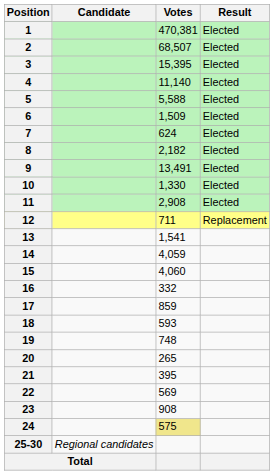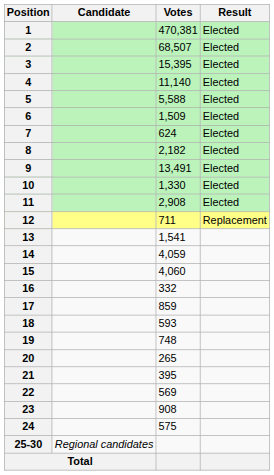 <table class="wikitable sortable col3right">
 <tr>
 <th scope="col">Position</th>
 <th scope="col">Candidate</th>
 <th scope="col">Votes</th>
 <th scope="col">Result</th>
 </tr>
 <tr bgcolor=bbf3bb>
 <th scope="row">1</th>
 <td></td>
 <td>470,381</td>
 <td>Elected</td>
 </tr>
 <tr bgcolor=bbf3bb>
 <th scope="row">2</th>
 <td></td>
 <td>68,507</td>
 <td>Elected</td>
 </tr>
 <tr bgcolor=bbf3bb>
 <th scope="row">3</th>
 <td></td>
 <td>15,395</td>
 <td>Elected</td>
 </tr>
 <tr bgcolor=bbf3bb>
 <th scope="row">4</th>
 <td></td>
 <td>11,140</td>
 <td>Elected</td>
 </tr>
 <tr bgcolor=bbf3bb>
 <th scope="row">5</th>
 <td></td>
 <td>5,588</td>
 <td>Elected</td>
 </tr>
 <tr bgcolor=bbf3bb>
 <th scope="row">6</th>
 <td></td>
 <td>1,509</td>
 <td>Elected</td>
 </tr>
 <tr bgcolor=bbf3bb>
 <th scope="row">7</th>
 <td></td>
 <td>624</td>
 <td>Elected</td>
 </tr>
 <tr bgcolor=bbf3bb>
 <th scope="row">8</th>
 <td></td>
 <td>2,182</td>
 <td>Elected</td>
 </tr>
 <tr bgcolor=bbf3bb>
 <th scope="row">9</th>
 <td></td>
 <td>13,491</td>
 <td>Elected</td>
 </tr>
 <tr bgcolor=bbf3bb>
 <th scope="row">10</th>
 <td></td>
 <td>1,330</td>
 <td>Elected</td>
 </tr>
 <tr bgcolor=bbf3bb>
 <th scope="row">11</th>
 <td></td>
 <td>2,908</td>
 <td>Elected</td>
 </tr>
 <tr bgcolor=#FF8>
 <th scope="row">12</th>
 <td></td>
 <td>711</td>
 <td>Replacement</td>
 </tr>
 <tr>
 <th scope="row">13</th>
 <td></td>
 <td>1,541</td>
 <td></td>
 </tr>
 <tr>
 <th scope="row">14</th>
 <td></td>
 <td>4,059</td>
 <td></td>
 </tr>
 <tr>
 <th scope="row">15</th>
 <td></td>
 <td>4,060</td>
 <td></td>
 </tr>
 <tr>
 <th scope="row">16</th>
 <td></td>
 <td>332</td>
 <td></td>
 </tr>
 <tr>
 <th scope="row">17</th>
 <td></td>
 <td>859</td>
 <td></td>
 </tr>
 <tr>
 <th scope="row">18</th>
 <td></td>
 <td>593</td>
 <td></td>
 </tr>
 <tr>
 <th scope="row">19</th>
 <td></td>
 <td>748</td>
 <td></td>
 </tr>
 <tr>
 <th scope="row">20</th>
 <td></td>
 <td>265</td>
 <td></td>
 </tr>
 <tr>
 <th scope="row">21</th>
 <td></td>
 <td>395</td>
 <td></td>
 </tr>
 <tr>
 <th scope="row">22</th>
 <td></td>
 <td>569</td>
 <td></td>
 </tr>
 <tr>
 <th scope="row">23</th>
 <td></td>
 <td>908</td>
 <td></td>
 </tr>
 <tr>
 <th scope="row">24</th>
 <td></td>
-<td style="background: khaki;">575</td>
+<td>575</td>
 <td></td>
 </tr>
 <tr>
 <th scope="row">25-30</th>
 <td><em>Regional candidates</em></td>
 <td></td>
 <td></td>
 </tr>
 <tr class="sortbottom">
 <th scope="row" colspan="2">Total</th>
 <th></th>
 <th></th>
 </tr>
 </table>
